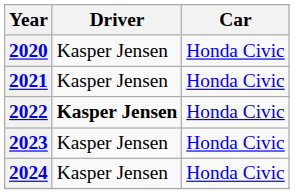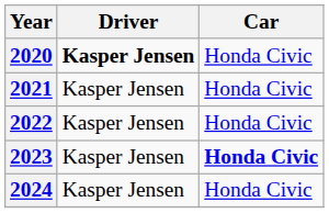 <table class="wikitable">
 <tr>
 <th>Year</th>
 <th>Driver</th>
 <th>Car</th>
 </tr>
 <tr>
 <th><a href='#'>2020</a></th>
-<td> Kasper Jensen</td>
+<td><strong> Kasper Jensen</strong></td>
 <td><a href='#'>Honda Civic</a></td>
 </tr>
 <tr>
 <th><a href='#'>2021</a></th>
 <td> Kasper Jensen</td>
 <td><a href='#'>Honda Civic</a></td>
 </tr>
 <tr>
 <th><a href='#'>2022</a></th>
-<td><strong> Kasper Jensen</strong></td>
+<td> Kasper Jensen</td>
 <td><a href='#'>Honda Civic</a></td>
 </tr>
 <tr>
 <th><a href='#'>2023</a></th>
 <td> Kasper Jensen</td>
-<td><a href='#'>Honda Civic</a></td>
+<td><strong><a href='#'>Honda Civic</a></strong></td>
 </tr>
 <tr>
 <th><a href='#'>2024</a></th>
 <td> Kasper Jensen</td>
 <td><a href='#'>Honda Civic</a></td>
 </tr>
 <tr>
 </tr>
 </table>
